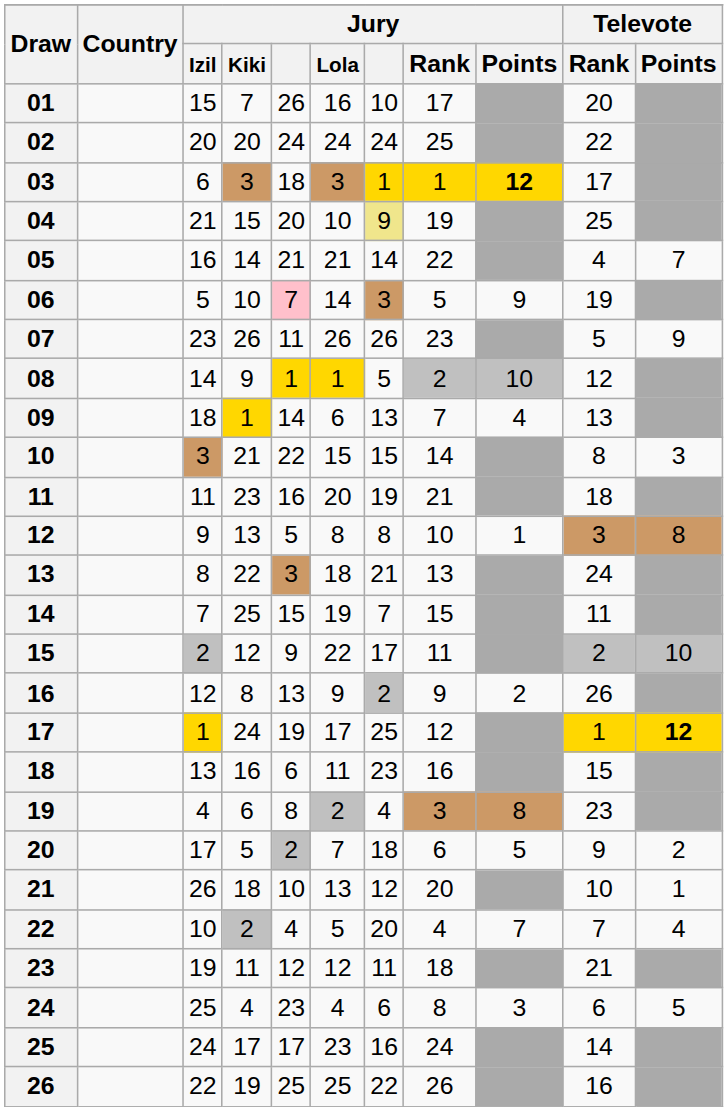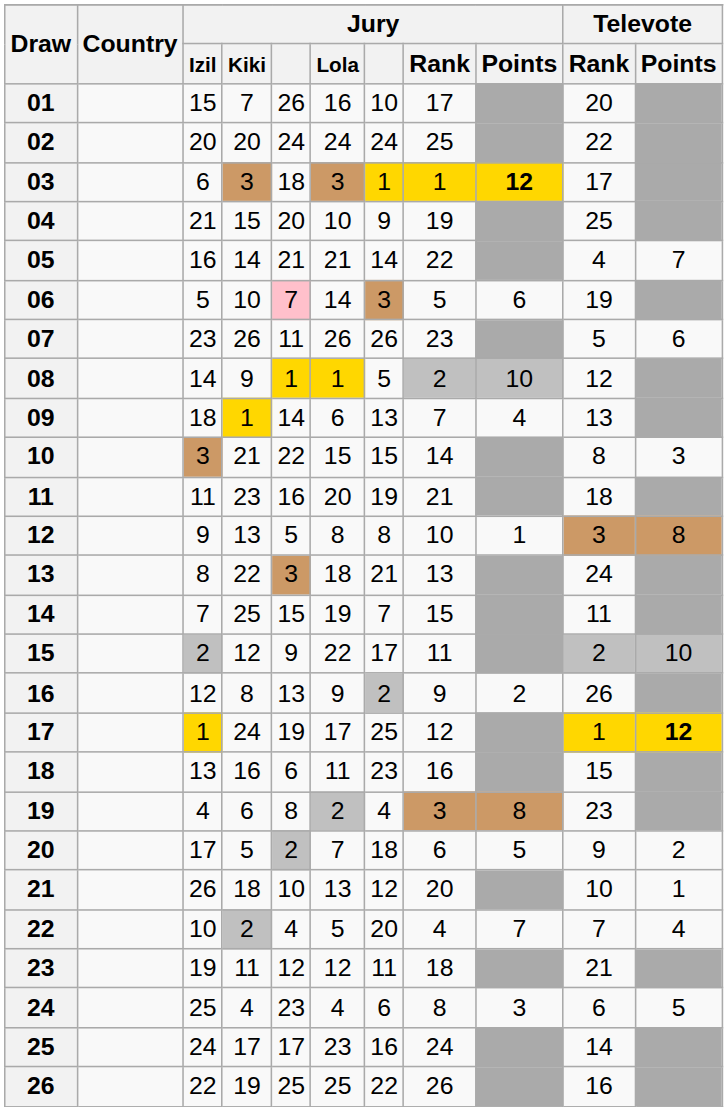 <table class="sortable wikitable collapsible plainrowheaders" style="text-align:center;">
 <tr>
 </tr>
 <tr>
 <th scope="col" rowspan="2">Draw</th>
 <th scope="col" rowspan="2">Country</th>
 <th scope="col" colspan="7">Jury</th>
 <th scope="col" colspan="2">Televote</th>
 </tr>
 <tr>
 <th scope="col"><small>Izil</small></th>
 <th scope="col"><small>Kiki</small></th>
 <th scope="col"><small></small></th>
 <th scope="col"><small>Lola</small></th>
 <th scope="col"><small></small></th>
 <th scope="col">Rank</th>
 <th scope="col">Points</th>
 <th scope="col">Rank</th>
 <th scope="col">Points</th>
 </tr>
 <tr>
 <th scope="row" style="text-align:center;">01</th>
 <td style="text-align:left;"></td>
 <td>15</td>
 <td>7</td>
 <td>26</td>
 <td>16</td>
 <td>10</td>
 <td>17</td>
 <td style="background:#AAAAAA;"></td>
 <td>20</td>
 <td style="background:#AAAAAA;"></td>
 </tr>
 <tr>
 <th scope="row" style="text-align:center;">02</th>
 <td style="text-align:left;"></td>
 <td>20</td>
 <td>20</td>
 <td>24</td>
 <td>24</td>
 <td>24</td>
 <td>25</td>
 <td style="background:#AAAAAA;"></td>
 <td>22</td>
 <td style="background:#AAAAAA;"></td>
 </tr>
 <tr>
 <th scope="row" style="text-align:center;">03</th>
 <td style="text-align:left;"></td>
 <td>6</td>
 <td style="background:#CC9966;">3</td>
 <td>18</td>
 <td style="background:#CC9966;">3</td>
 <td style="background:gold;">1</td>
 <td style="background:gold;">1</td>
 <td style="background:gold;"><strong>12</strong></td>
 <td>17</td>
 <td style="background:#AAAAAA;"></td>
 </tr>
 <tr>
 <th scope="row" style="text-align:center;">04</th>
 <td style="text-align:left;"></td>
 <td>21</td>
 <td>15</td>
 <td>20</td>
 <td>10</td>
-<td style="background: khaki;">9</td>
+<td>9</td>
 <td>19</td>
 <td style="background:#AAAAAA;"></td>
 <td>25</td>
 <td style="background:#AAAAAA;"></td>
 </tr>
 <tr>
 <th scope="row" style="text-align:center;">05</th>
 <td style="text-align:left;"></td>
 <td>16</td>
 <td>14</td>
 <td>21</td>
 <td>21</td>
 <td>14</td>
 <td>22</td>
 <td style="background:#AAAAAA;"></td>
 <td>4</td>
 <td>7</td>
 </tr>
 <tr>
 <th scope="row" style="text-align:center;">06</th>
 <td style="text-align:left;"></td>
 <td>5</td>
 <td>10</td>
 <td style="background: pink;">7</td>
 <td>14</td>
 <td style="background:#CC9966;">3</td>
 <td>5</td>
-<td>9</td>
+<td>6</td>
 <td>19</td>
 <td style="background:#AAAAAA;"></td>
 </tr>
 <tr>
 <th scope="row" style="text-align:center;">07</th>
 <td style="text-align:left;"></td>
 <td>23</td>
 <td>26</td>
 <td>11</td>
 <td>26</td>
 <td>26</td>
 <td>23</td>
 <td style="background:#AAAAAA;"></td>
 <td>5</td>
-<td>9</td>
+<td>6</td>
 </tr>
 <tr>
 <th scope="row" style="text-align:center;">08</th>
 <td style="text-align:left;"></td>
 <td>14</td>
 <td>9</td>
 <td style="background:gold;">1</td>
 <td style="background:gold;">1</td>
 <td>5</td>
 <td style="background:silver;">2</td>
 <td style="background:silver;">10</td>
 <td>12</td>
 <td style="background:#AAAAAA;"></td>
 </tr>
 <tr>
 <th scope="row" style="text-align:center;">09</th>
 <td style="text-align:left;"></td>
 <td>18</td>
 <td style="background:gold;">1</td>
 <td>14</td>
 <td>6</td>
 <td>13</td>
 <td>7</td>
 <td>4</td>
 <td>13</td>
 <td style="background:#AAAAAA;"></td>
 </tr>
 <tr>
 <th scope="row" style="text-align:center;">10</th>
 <td style="text-align:left;"></td>
 <td style="background:#CC9966;">3</td>
 <td>21</td>
 <td>22</td>
 <td>15</td>
 <td>15</td>
 <td>14</td>
 <td style="background:#AAAAAA;"></td>
 <td>8</td>
 <td>3</td>
 </tr>
 <tr>
 <th scope="row" style="text-align:center;">11</th>
 <td style="text-align:left;"></td>
 <td>11</td>
 <td>23</td>
 <td>16</td>
 <td>20</td>
 <td>19</td>
 <td>21</td>
 <td style="background:#AAAAAA;"></td>
 <td>18</td>
 <td style="background:#AAAAAA;"></td>
 </tr>
 <tr>
 <th scope="row" style="text-align:center;">12</th>
 <td style="text-align:left;"></td>
 <td>9</td>
 <td>13</td>
 <td>5</td>
 <td>8</td>
 <td>8</td>
 <td>10</td>
 <td>1</td>
 <td style="background:#CC9966;">3</td>
 <td style="background:#CC9966;">8</td>
 </tr>
 <tr>
 <th scope="row" style="text-align:center;">13</th>
 <td style="text-align:left;"></td>
 <td>8</td>
 <td>22</td>
 <td style="background:#CC9966;">3</td>
 <td>18</td>
 <td>21</td>
 <td>13</td>
 <td style="background:#AAAAAA;"></td>
 <td>24</td>
 <td style="background:#AAAAAA;"></td>
 </tr>
 <tr>
 <th scope="row" style="text-align:center;">14</th>
 <td style="text-align:left;"></td>
 <td>7</td>
 <td>25</td>
 <td>15</td>
 <td>19</td>
 <td>7</td>
 <td>15</td>
 <td style="background:#AAAAAA;"></td>
 <td>11</td>
 <td style="background:#AAAAAA;"></td>
 </tr>
 <tr>
 <th scope="row" style="text-align:center;">15</th>
 <td style="text-align:left;"></td>
 <td style="background:silver;">2</td>
 <td>12</td>
 <td>9</td>
 <td>22</td>
 <td>17</td>
 <td>11</td>
 <td style="background:#AAAAAA;"></td>
 <td style="background:silver;">2</td>
 <td style="background:silver;">10</td>
 </tr>
 <tr>
 <th scope="row" style="text-align:center;">16</th>
 <td style="text-align:left;"></td>
 <td>12</td>
 <td>8</td>
 <td>13</td>
 <td>9</td>
 <td style="background:silver;">2</td>
 <td>9</td>
 <td>2</td>
 <td>26</td>
 <td style="background:#AAAAAA;"></td>
 </tr>
 <tr>
 <th scope="row" style="text-align:center;">17</th>
 <td style="text-align:left;"></td>
 <td style="background:gold;">1</td>
 <td>24</td>
 <td>19</td>
 <td>17</td>
 <td>25</td>
 <td>12</td>
 <td style="background:#AAAAAA;"></td>
 <td style="background:gold;">1</td>
 <td style="background:gold;"><strong>12</strong></td>
 </tr>
 <tr>
 <th scope="row" style="text-align:center;">18</th>
 <td style="text-align:left;"></td>
 <td>13</td>
 <td>16</td>
 <td>6</td>
 <td>11</td>
 <td>23</td>
 <td>16</td>
 <td style="background:#AAAAAA;"></td>
 <td>15</td>
 <td style="background:#AAAAAA;"></td>
 </tr>
 <tr>
 <th scope="row" style="text-align:center;">19</th>
 <td style="text-align:left;"></td>
 <td>4</td>
 <td>6</td>
 <td>8</td>
 <td style="background:silver;">2</td>
 <td>4</td>
 <td style="background:#CC9966;">3</td>
 <td style="background:#CC9966;">8</td>
 <td>23</td>
 <td style="background:#AAAAAA;"></td>
 </tr>
 <tr>
 <th scope="row" style="text-align:center;">20</th>
 <td style="text-align:left;"></td>
 <td>17</td>
 <td>5</td>
 <td style="background:silver;">2</td>
 <td>7</td>
 <td>18</td>
 <td>6</td>
 <td>5</td>
 <td>9</td>
 <td>2</td>
 </tr>
 <tr>
 <th scope="row" style="text-align:center;">21</th>
 <td style="text-align:left;"></td>
 <td>26</td>
 <td>18</td>
 <td>10</td>
 <td>13</td>
 <td>12</td>
 <td>20</td>
 <td style="background:#AAAAAA;"></td>
 <td>10</td>
 <td>1</td>
 </tr>
 <tr>
 <th scope="row" style="text-align:center;">22</th>
 <td style="text-align:left;"></td>
 <td>10</td>
 <td style="background:silver;">2</td>
 <td>4</td>
 <td>5</td>
 <td>20</td>
 <td>4</td>
 <td>7</td>
 <td>7</td>
 <td>4</td>
 </tr>
 <tr>
 <th scope="row" style="text-align:center;">23</th>
 <td style="text-align:left;"></td>
 <td>19</td>
 <td>11</td>
 <td>12</td>
 <td>12</td>
 <td>11</td>
 <td>18</td>
 <td style="background:#AAAAAA;"></td>
 <td>21</td>
 <td style="background:#AAAAAA;"></td>
 </tr>
 <tr>
 <th scope="row" style="text-align:center;">24</th>
 <td style="text-align:left;"></td>
 <td>25</td>
 <td>4</td>
 <td>23</td>
 <td>4</td>
 <td>6</td>
 <td>8</td>
 <td>3</td>
 <td>6</td>
 <td>5</td>
 </tr>
 <tr>
 <th scope="row" style="text-align:center;">25</th>
 <td style="text-align:left;"></td>
 <td>24</td>
 <td>17</td>
 <td>17</td>
 <td>23</td>
 <td>16</td>
 <td>24</td>
 <td style="background:#AAAAAA;"></td>
 <td>14</td>
 <td style="background:#AAAAAA;"></td>
 </tr>
 <tr>
 <th scope="row" style="text-align:center;">26</th>
 <td style="text-align:left;"></td>
 <td>22</td>
 <td>19</td>
 <td>25</td>
 <td>25</td>
 <td>22</td>
 <td>26</td>
 <td style="background:#AAAAAA;"></td>
 <td>16</td>
 <td style="background:#AAAAAA;"></td>
 </tr>
 </table>
